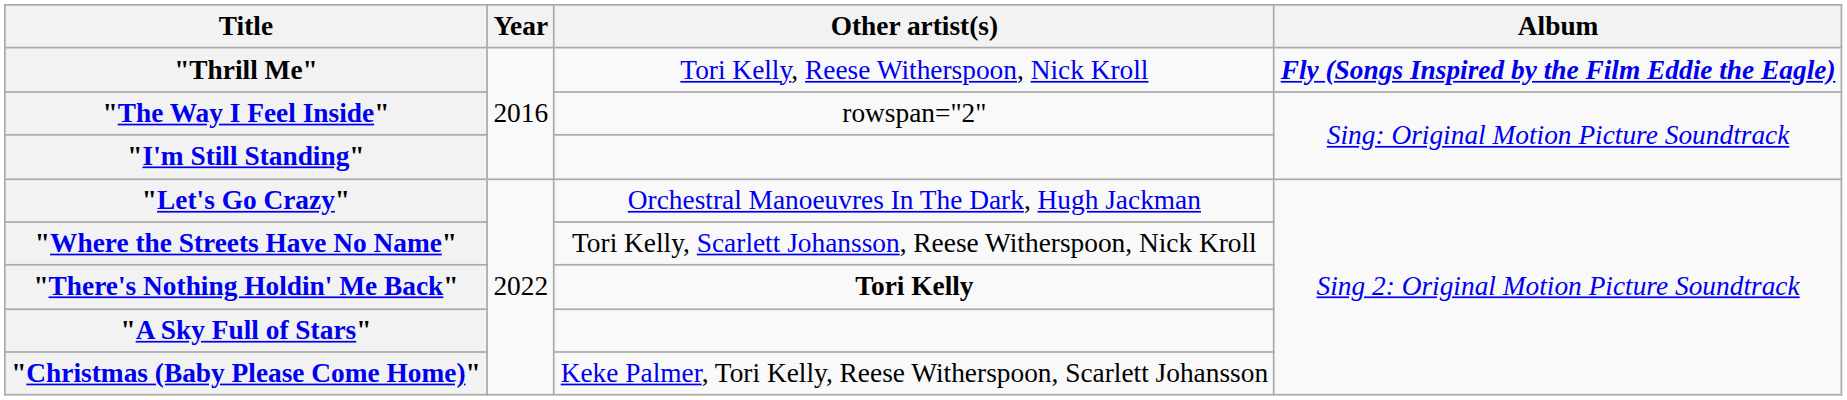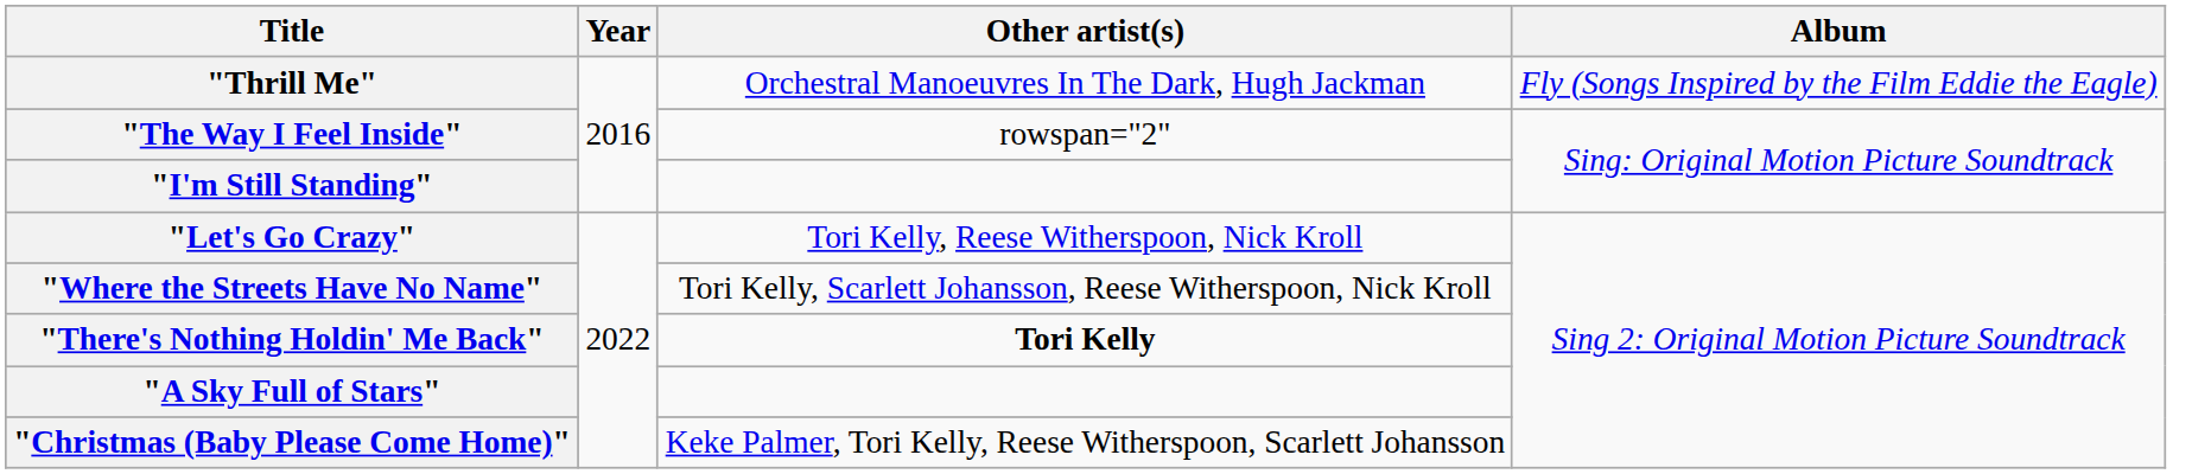 <table class="wikitable plainrowheaders" style="text-align:center;" border="1">
 <tr>
 <th scope="col">Title</th>
 <th scope="col">Year</th>
 <th scope="col">Other artist(s)</th>
 <th scope="col">Album</th>
 </tr>
 <tr>
 <th scope="row">"Thrill Me"</th>
 <td rowspan="3">2016</td>
-<td><a href='#'>Tori Kelly</a>, <a href='#'>Reese Witherspoon</a>, <a href='#'>Nick Kroll</a></td>
-<td><strong><em><a href='#'>Fly (Songs Inspired by the Film Eddie the Eagle)</a></em></strong></td>
+<td><a href='#'>Orchestral Manoeuvres In The Dark</a>, <a href='#'>Hugh Jackman</a></td>
+<td><em><a href='#'>Fly (Songs Inspired by the Film Eddie the Eagle)</a></em></td>
 </tr>
 <tr>
 <th scope="row">"<a href='#'>The Way I Feel Inside</a>"</th>
 <td>rowspan="2" </td>
 <td rowspan="2"><em><a href='#'>Sing: Original Motion Picture Soundtrack</a></em></td>
 </tr>
 <tr>
 <th scope="row">"<a href='#'>I'm Still Standing</a>"</th>
 </tr>
 <tr>
 <th scope="row">"<a href='#'>Let's Go Crazy</a>"</th>
 <td rowspan="5">2022</td>
-<td><a href='#'>Orchestral Manoeuvres In The Dark</a>, <a href='#'>Hugh Jackman</a></td>
+<td><a href='#'>Tori Kelly</a>, <a href='#'>Reese Witherspoon</a>, <a href='#'>Nick Kroll</a></td>
 <td rowspan="5"><em><a href='#'>Sing 2: Original Motion Picture Soundtrack</a></em></td>
 </tr>
 <tr>
 <th scope="row">"<a href='#'>Where the Streets Have No Name</a>"</th>
 <td>Tori Kelly, <a href='#'>Scarlett Johansson</a>, Reese Witherspoon, Nick Kroll</td>
 </tr>
 <tr>
 <th scope="row">"<a href='#'>There's Nothing Holdin' Me Back</a>"</th>
 <td><strong>Tori Kelly</strong></td>
 </tr>
 <tr>
 <th scope="row">"<a href='#'>A Sky Full of Stars</a>"</th>
 <td></td>
 </tr>
 <tr>
 <th scope="row">"<a href='#'>Christmas (Baby Please Come Home)</a>"</th>
 <td><a href='#'>Keke Palmer</a>, Tori Kelly, Reese Witherspoon, Scarlett Johansson</td>
 </tr>
 </table>
